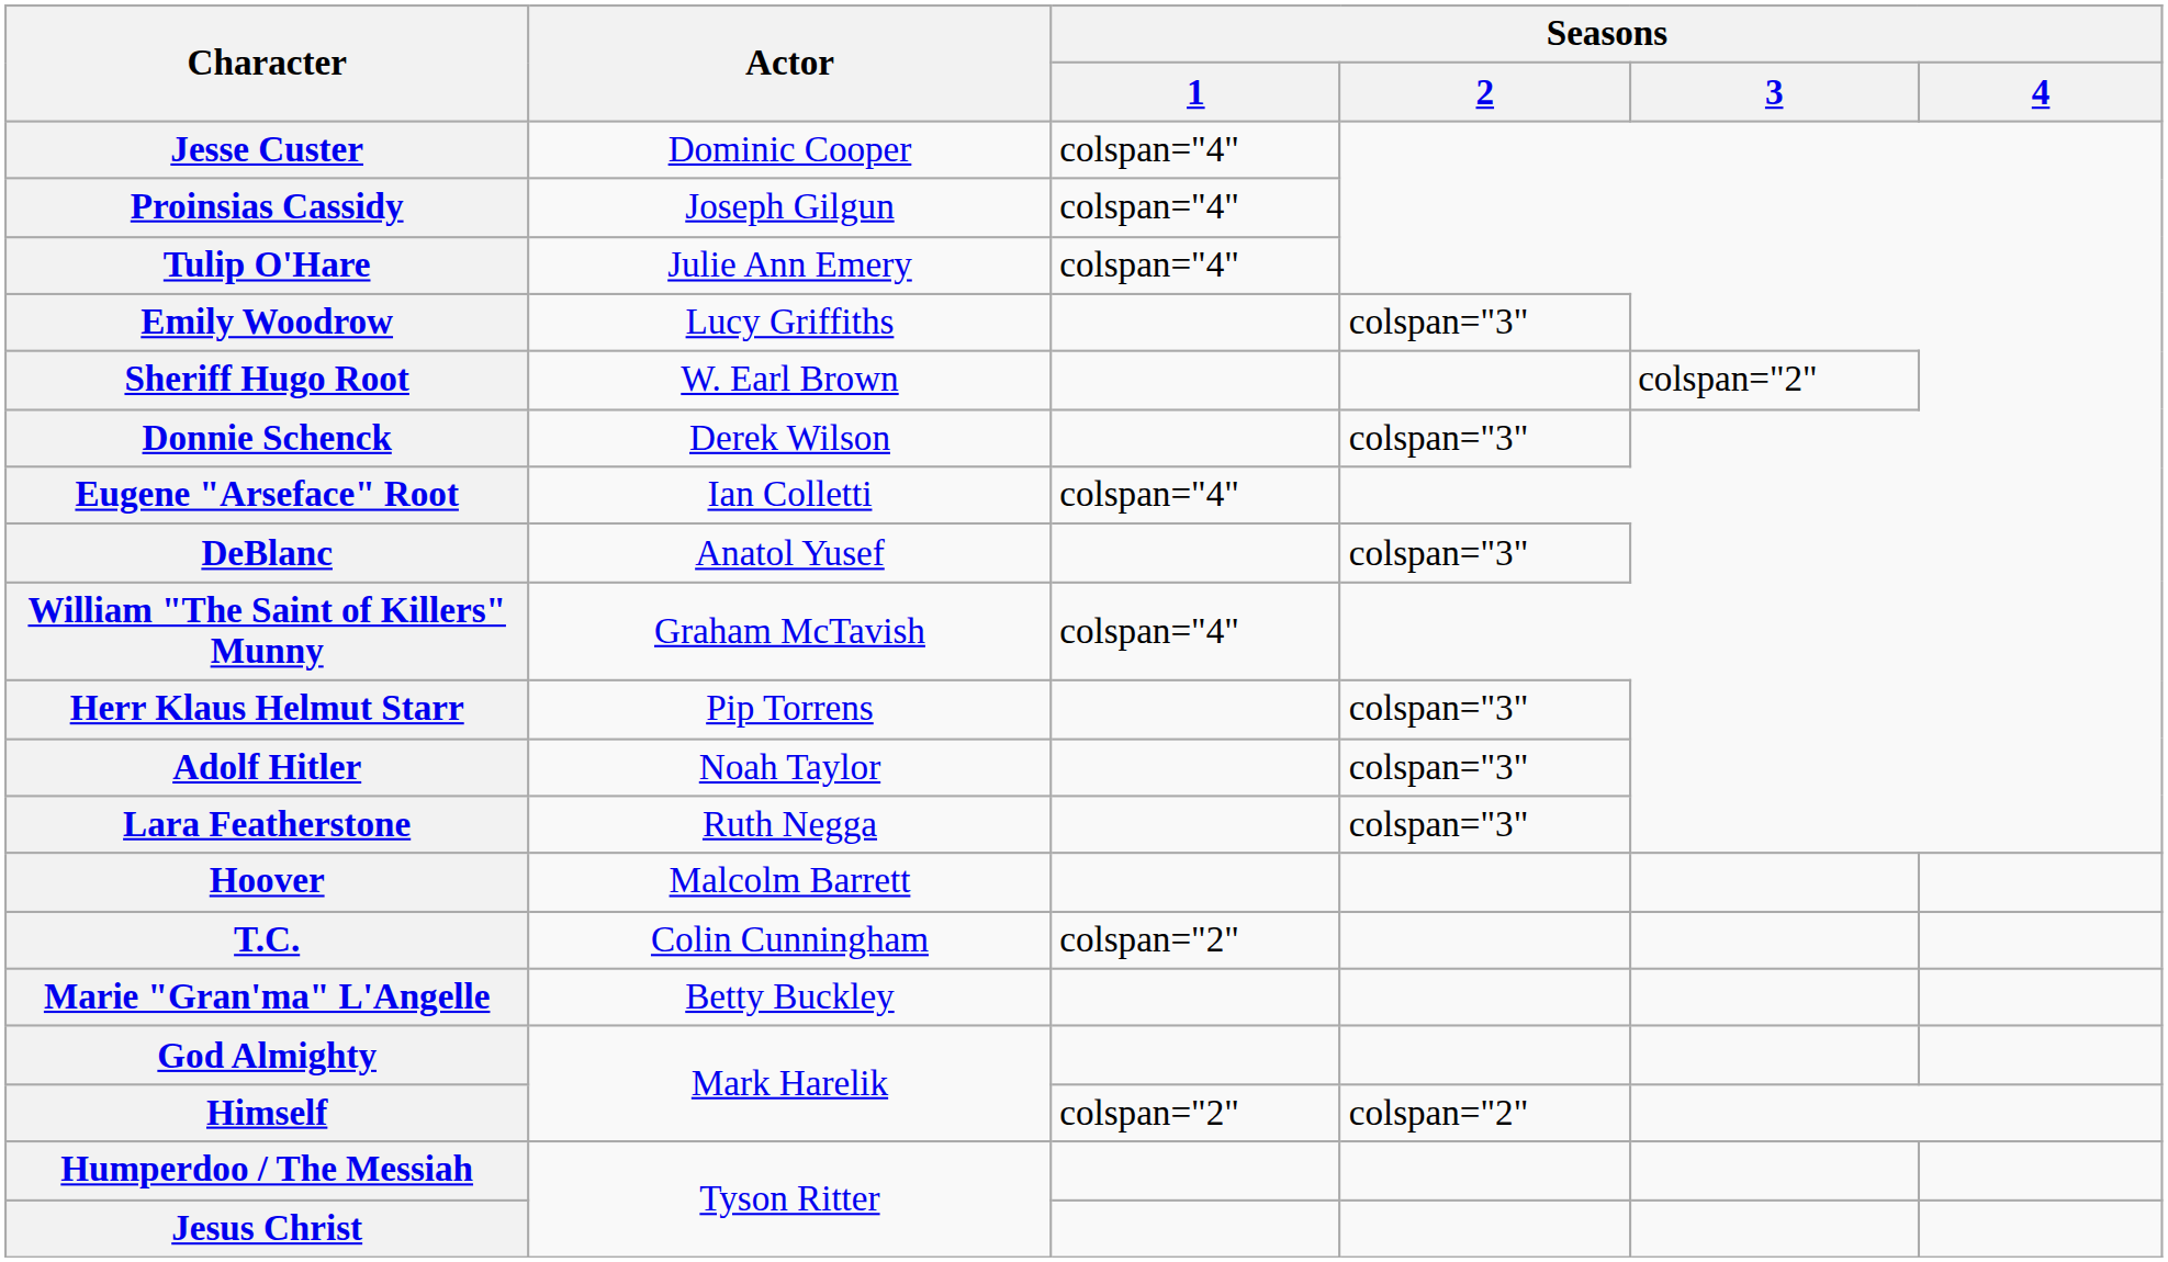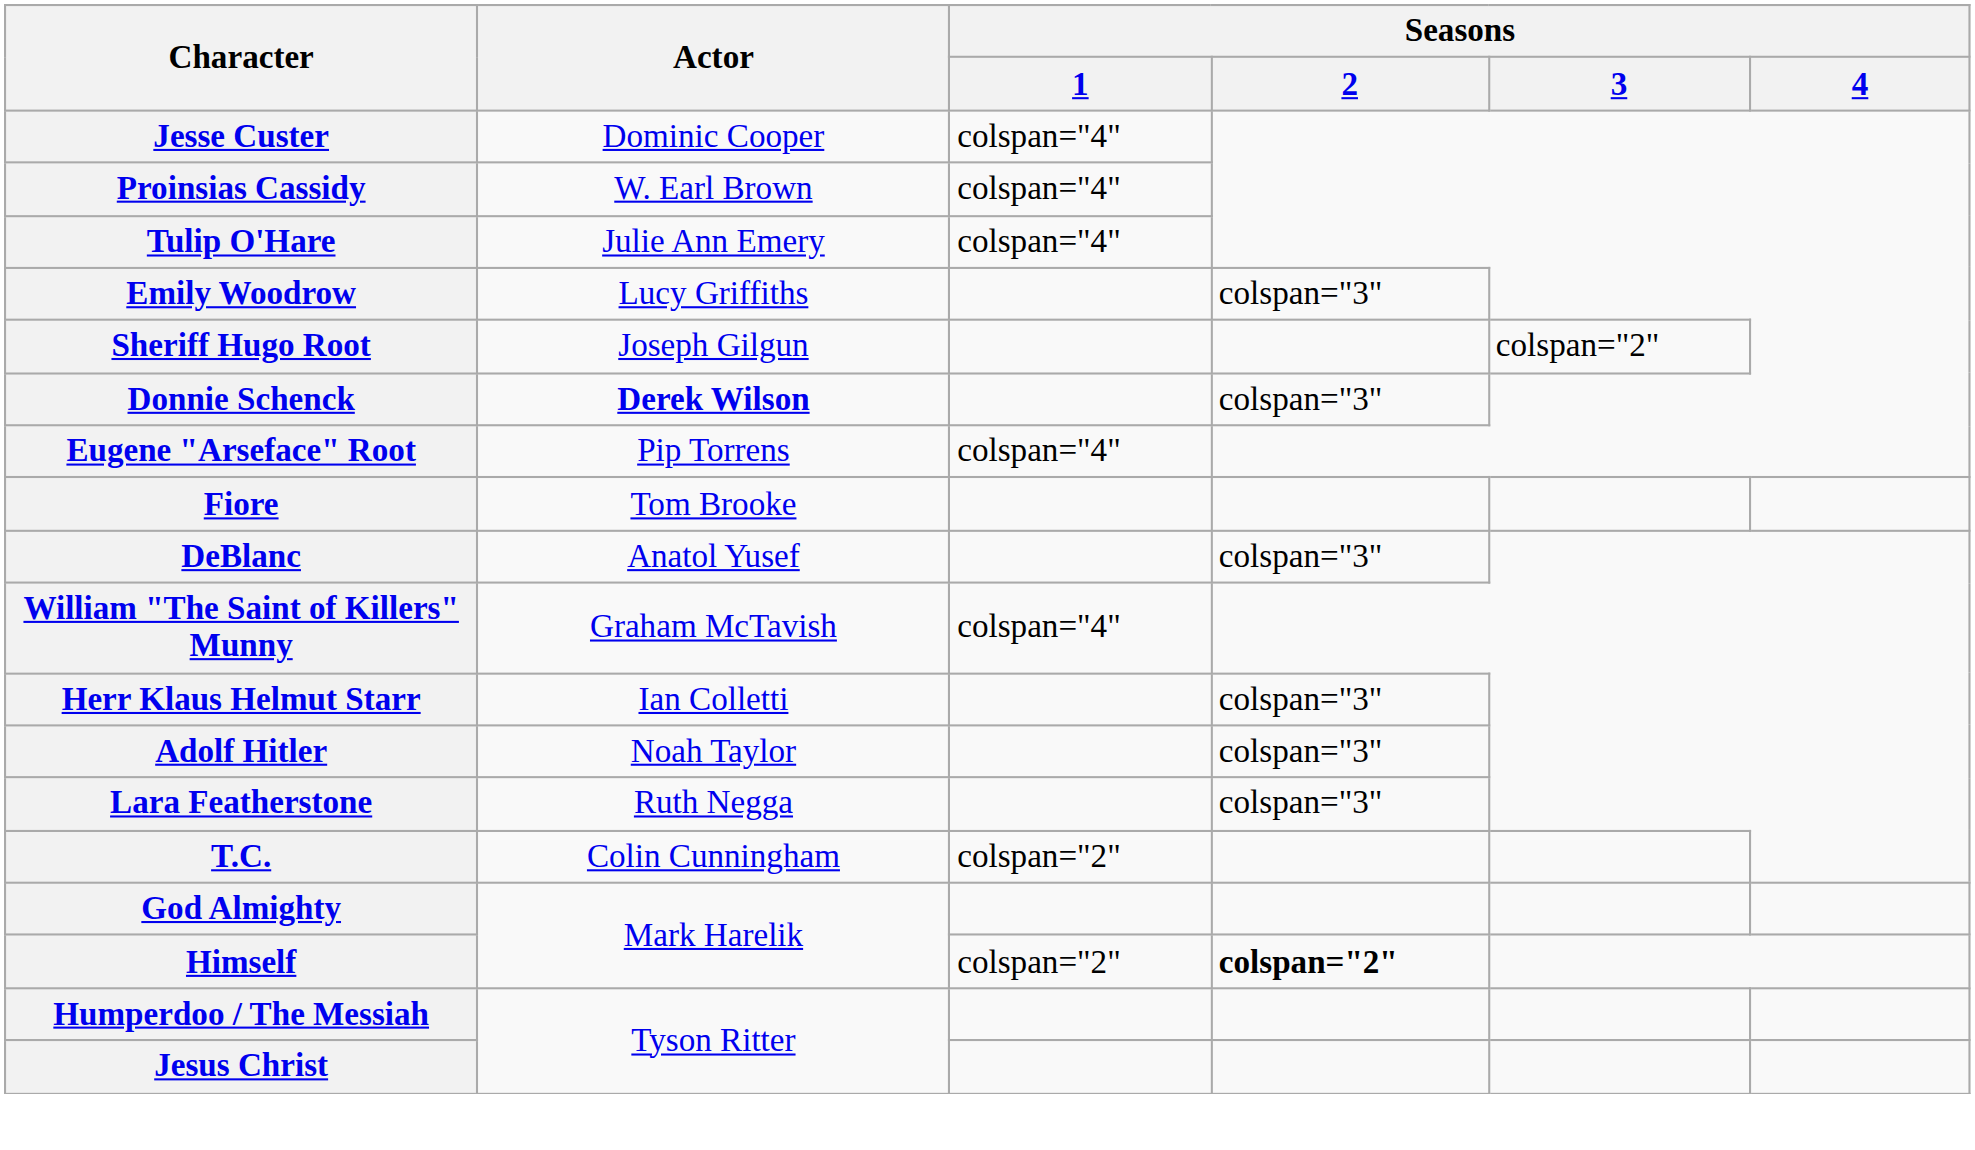 <table class="wikitable" style="width:60%;">
 <tr>
 <th rowspan="2" style="width:15%;">Character</th>
 <th rowspan="2" style="width:15%;">Actor</th>
 <th colspan="4">Seasons</th>
 </tr>
 <tr>
 <th style="width:7%;"><a href='#'>1</a></th>
 <th style="width:7%;"><a href='#'>2</a></th>
 <th style="width:7%;"><a href='#'>3</a></th>
 <th style="width:7%;"><a href='#'>4</a></th>
 </tr>
 <tr>
 <th><a href='#'>Jesse Custer</a></th>
 <td align="center"><a href='#'>Dominic Cooper</a></td>
 <td>colspan="4" </td>
 </tr>
 <tr>
 <th><a href='#'>Proinsias Cassidy</a></th>
-<td align="center"><a href='#'>Joseph Gilgun</a></td>
+<td align="center"><a href='#'>W. Earl Brown</a></td>
 <td>colspan="4" </td>
 </tr>
 <tr>
 <th><a href='#'>Tulip O'Hare</a></th>
 <td align="center"><a href='#'>Julie Ann Emery</a></td>
 <td>colspan="4" </td>
 </tr>
 <tr>
 <th><a href='#'>Emily Woodrow</a></th>
 <td align="center"><a href='#'>Lucy Griffiths</a></td>
 <td></td>
 <td>colspan="3" </td>
 </tr>
 <tr>
 <th><a href='#'>Sheriff Hugo Root</a></th>
-<td align="center"><a href='#'>W. Earl Brown</a></td>
+<td align="center"><a href='#'>Joseph Gilgun</a></td>
 <td></td>
 <td></td>
 <td>colspan="2" </td>
 </tr>
 <tr>
 <th><a href='#'>Donnie Schenck</a></th>
-<td align="center"><a href='#'>Derek Wilson</a></td>
+<td align="center"><strong><a href='#'>Derek Wilson</a></strong></td>
 <td></td>
 <td>colspan="3" </td>
 </tr>
 <tr>
 <th><a href='#'>Eugene "Arseface" Root</a></th>
-<td align="center"><a href='#'>Ian Colletti</a></td>
+<td align="center"><a href='#'>Pip Torrens</a></td>
 <td>colspan="4" </td>
+</tr>
+<tr>
+<th><a href='#'>Fiore</a></th>
+<td align="center"><a href='#'>Tom Brooke</a></td>
+<td></td>
+<td></td>
+<td></td>
+<td></td>
 </tr>
 <tr>
 <th><a href='#'>DeBlanc</a></th>
 <td align="center"><a href='#'>Anatol Yusef</a></td>
 <td></td>
 <td>colspan="3" </td>
 </tr>
 <tr>
 <th><a href='#'>William "The Saint of Killers" Munny</a></th>
 <td align="center"><a href='#'>Graham McTavish</a></td>
 <td>colspan="4" </td>
 </tr>
 <tr>
 <th><a href='#'>Herr Klaus Helmut Starr</a></th>
-<td align="center"><a href='#'>Pip Torrens</a></td>
+<td align="center"><a href='#'>Ian Colletti</a></td>
 <td></td>
 <td>colspan="3" </td>
 </tr>
 <tr>
 <th><a href='#'>Adolf Hitler</a></th>
 <td align="center"><a href='#'>Noah Taylor</a></td>
 <td></td>
 <td>colspan="3" </td>
 </tr>
 <tr>
 <th><a href='#'>Lara Featherstone</a></th>
 <td align="center"><a href='#'>Ruth Negga</a></td>
 <td></td>
 <td>colspan="3" </td>
 </tr>
 <tr>
-<th><a href='#'>Hoover</a></th>
-<td align="center"><a href='#'>Malcolm Barrett</a></td>
-<td></td>
-<td></td>
-<td></td>
-<td></td>
-</tr>
-<tr>
 <th><a href='#'>T.C.</a></th>
 <td align="center"><a href='#'>Colin Cunningham</a></td>
 <td>colspan="2" </td>
-<td></td>
-<td></td>
-</tr>
-<tr>
-<th><a href='#'>Marie "Gran'ma" L'Angelle</a></th>
-<td align="center"><a href='#'>Betty Buckley</a></td>
-<td></td>
-<td></td>
 <td></td>
 <td></td>
 </tr>
 <tr>
 <th><a href='#'>God Almighty</a></th>
 <td rowspan="2" align="center"><a href='#'>Mark Harelik</a></td>
 <td></td>
 <td></td>
 <td></td>
 <td></td>
 </tr>
 <tr>
 <th><a href='#'>Himself</a></th>
 <td>colspan="2" </td>
-<td>colspan="2" </td>
+<td><strong>colspan="2" </strong></td>
 </tr>
 <tr>
 <th><a href='#'>Humperdoo / The Messiah</a></th>
 <td rowspan="2" align="center"><a href='#'>Tyson Ritter</a></td>
 <td></td>
 <td></td>
 <td></td>
 <td></td>
 </tr>
 <tr>
 <th><a href='#'>Jesus Christ</a></th>
 <td></td>
 <td></td>
 <td></td>
 <td></td>
 </tr>
 </table>
